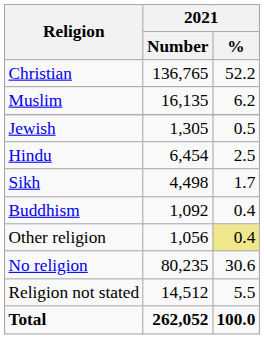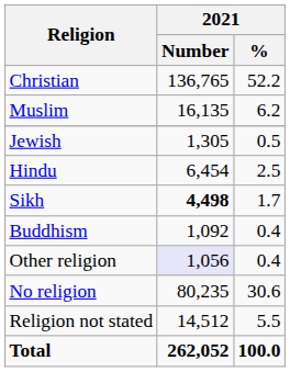 <table class="wikitable sortable" style="text-align:right">
 <tr>
 <th rowspan="2">Religion</th>
 <th colspan="2">2021</th>
 </tr>
 <tr>
 <th>Number</th>
 <th>%</th>
 </tr>
 <tr>
 <td style="text-align:left"><a href='#'>Christian</a></td>
 <td>136,765</td>
 <td>52.2</td>
 </tr>
 <tr>
 <td style="text-align:left"><a href='#'>Muslim</a></td>
 <td>16,135</td>
 <td>6.2</td>
 </tr>
 <tr>
 </tr>
 <tr>
 <td style="text-align:left"><a href='#'>Jewish</a></td>
 <td>1,305</td>
 <td>0.5</td>
 </tr>
 <tr>
 <td style="text-align:left"><a href='#'>Hindu</a></td>
 <td>6,454</td>
 <td>2.5</td>
 </tr>
 <tr>
 <td style="text-align:left"><a href='#'>Sikh</a></td>
-<td>4,498</td>
+<td><strong>4,498</strong></td>
 <td>1.7</td>
 </tr>
 <tr>
 <td style="text-align:left"><a href='#'>Buddhism</a></td>
 <td>1,092</td>
 <td>0.4</td>
 </tr>
 <tr>
 <td style="text-align:left">Other religion</td>
-<td>1,056</td>
-<td style="background: khaki;">0.4</td>
+<td style="background: lavender;">1,056</td>
+<td>0.4</td>
 </tr>
 <tr>
 <td style="text-align:left"><a href='#'>No religion</a></td>
 <td>80,235</td>
 <td>30.6</td>
 </tr>
 <tr>
 <td style="text-align:left">Religion not stated</td>
 <td>14,512</td>
 <td>5.5</td>
 </tr>
 <tr style="font-weight:bold;">
 <td style="text-align:left">Total</td>
 <td>262,052</td>
 <td>100.0</td>
 </tr>
 </table>
